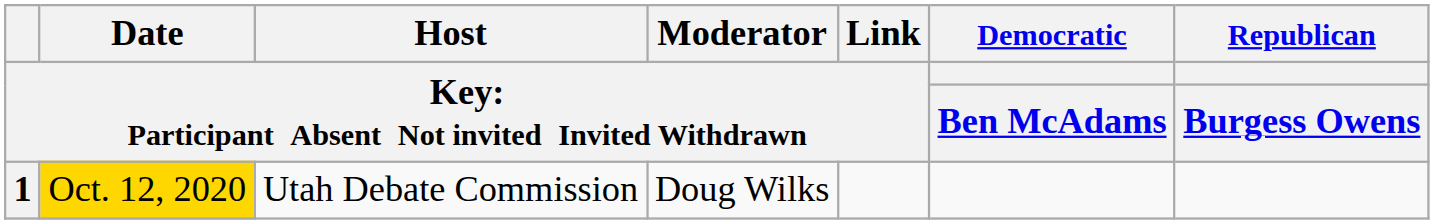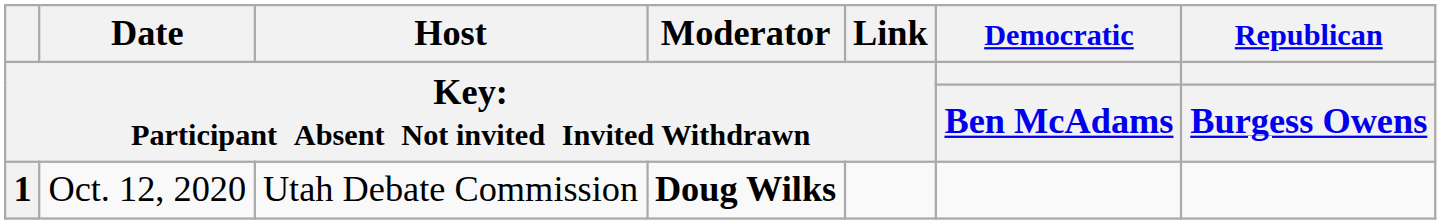 <table class="wikitable" style="text-align:center;">
 <tr>
 <th scope="col"></th>
 <th scope="col">Date</th>
 <th scope="col">Host</th>
 <th scope="col">Moderator</th>
 <th scope="col">Link</th>
 <th scope="col"><small><a href='#'>Democratic</a></small></th>
 <th scope="col"><small><a href='#'>Republican</a></small></th>
 </tr>
 <tr>
 <th colspan="5" rowspan="2">Key:<br> <small>Participant </small>  <small>Absent </small>  <small>Not invited </small>  <small>Invited  Withdrawn</small></th>
 <th scope="col" style="background:"></th>
 <th scope="col" style="background:"></th>
 </tr>
 <tr>
 <th scope="col"><a href='#'>Ben McAdams</a></th>
 <th scope="col"><a href='#'>Burgess Owens</a></th>
 </tr>
 <tr>
 <th>1</th>
-<td style="background: gold; white-space:nowrap;">Oct. 12, 2020</td>
+<td style="white-space:nowrap;">Oct. 12, 2020</td>
 <td style="white-space:nowrap;">Utah Debate Commission</td>
-<td style="white-space:nowrap;">Doug Wilks</td>
+<td style="white-space:nowrap;"><strong>Doug Wilks</strong></td>
 <td style="white-space:nowrap;"></td>
 <td></td>
 <td></td>
 </tr>
 </table>
